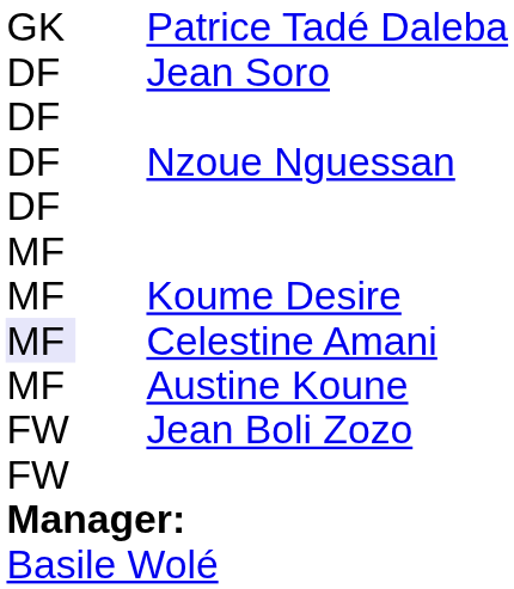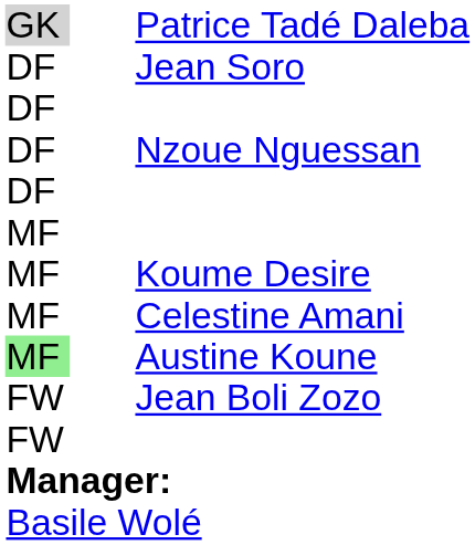 <table cellspacing="0" cellpadding="0" style="font-size:90%; margin:0.2em auto;">
 <tr>
 <th width="25"></th>
 <th width="25"></th>
 </tr>
 <tr>
-<td>GK</td>
+<td style="background: lightgrey;">GK</td>
 <td></td>
 <td> <a href='#'>Patrice Tadé Daleba</a></td>
 </tr>
 <tr>
 <td>DF</td>
 <td></td>
 <td> <a href='#'>Jean Soro</a></td>
 </tr>
 <tr>
 <td>DF</td>
 <td></td>
 <td></td>
 </tr>
 <tr>
 <td>DF</td>
 <td></td>
 <td> <a href='#'>Nzoue Nguessan</a></td>
 </tr>
 <tr>
 <td>DF</td>
 <td></td>
 <td></td>
 </tr>
 <tr>
 <td>MF</td>
 <td></td>
 <td></td>
 </tr>
 <tr>
 <td>MF</td>
 <td></td>
 <td> <a href='#'>Koume Desire</a></td>
 </tr>
 <tr>
-<td style="background: lavender;">MF</td>
+<td>MF</td>
 <td></td>
 <td> <a href='#'>Celestine Amani</a></td>
 </tr>
 <tr>
-<td>MF</td>
+<td style="background: lightgreen;">MF</td>
 <td></td>
 <td> <a href='#'>Austine Koune</a></td>
 </tr>
 <tr>
 <td>FW</td>
 <td></td>
 <td> <a href='#'>Jean Boli Zozo</a></td>
 </tr>
 <tr>
 <td>FW</td>
 <td></td>
 <td></td>
 </tr>
 <tr>
 <td colspan=3><strong>Manager:</strong></td>
 </tr>
 <tr>
 <td colspan=4> <a href='#'>Basile Wolé</a></td>
 </tr>
 </table>
